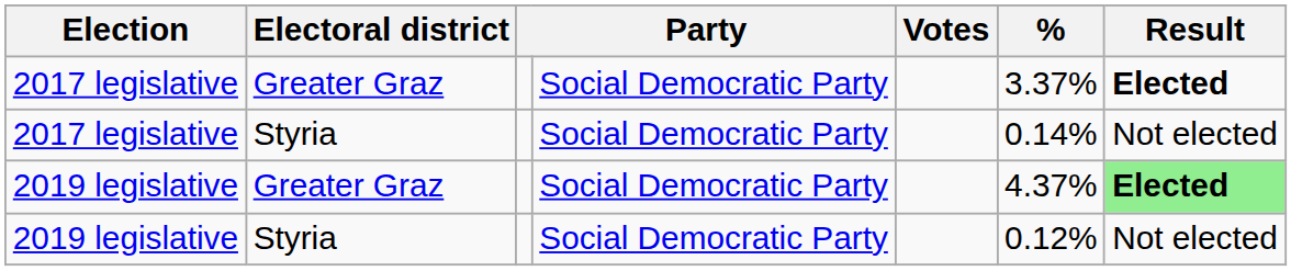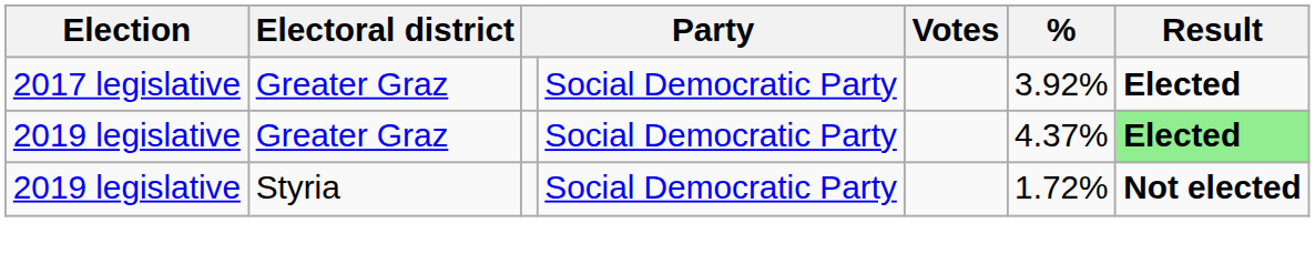 <table class="wikitable" style="text-align:left;">
 <tr>
 <th scope=col>Election</th>
 <th scope=col>Electoral district</th>
 <th scope=col colspan="2">Party</th>
 <th scope=col>Votes</th>
 <th scope=col>%</th>
 <th scope=col>Result</th>
 </tr>
 <tr>
 <td><a href='#'>2017 legislative</a></td>
 <td><a href='#'>Greater Graz</a></td>
 <td style="background:"></td>
 <td><a href='#'>Social Democratic Party</a></td>
 <td align=right></td>
-<td align=right>3.37%</td>
+<td align=right>3.92%</td>
 <td><strong>Elected</strong></td>
-</tr>
-<tr>
-<td><a href='#'>2017 legislative</a></td>
-<td>Styria</td>
-<td style="background:"></td>
-<td><a href='#'>Social Democratic Party</a></td>
-<td align=right></td>
-<td align=right>0.14%</td>
-<td>Not elected</td>
 </tr>
 <tr>
 <td><a href='#'>2019 legislative</a></td>
 <td><a href='#'>Greater Graz</a></td>
 <td style="background:"></td>
 <td><a href='#'>Social Democratic Party</a></td>
 <td align=right></td>
 <td align=right>4.37%</td>
 <td style="background: lightgreen;"><strong>Elected</strong></td>
 </tr>
 <tr>
 <td><a href='#'>2019 legislative</a></td>
 <td>Styria</td>
 <td style="background:"></td>
 <td><a href='#'>Social Democratic Party</a></td>
 <td align=right></td>
-<td align=right>0.12%</td>
-<td>Not elected</td>
+<td align=right>1.72%</td>
+<td><strong>Not elected</strong></td>
 </tr>
 </table>
